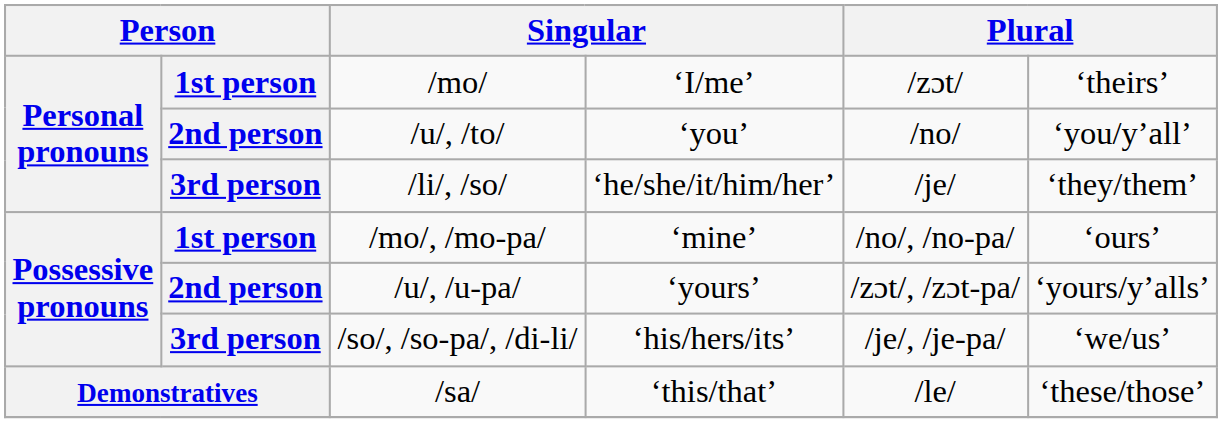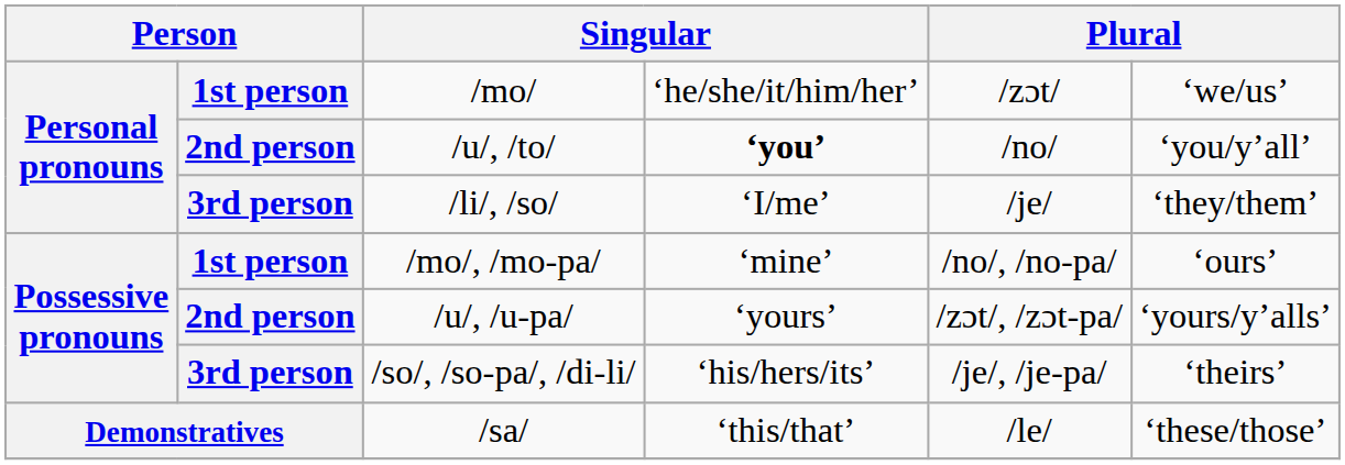 <table class="wikitable" style="text-align: center;">
 <tr>
 <th colspan="2"><a href='#'>Person</a></th>
 <th colspan="2"><a href='#'>Singular</a></th>
 <th colspan="2"><a href='#'>Plural</a></th>
 </tr>
 <tr>
 <th rowspan="3"><a href='#'>Personal <br>pronouns</a></th>
 <th><a href='#'>1st person</a></th>
 <td>/mo/</td>
-<td>‘I/me’</td>
+<td>‘he/she/it/him/her’</td>
 <td>/zɔt/</td>
-<td>‘theirs’</td>
+<td>‘we/us’</td>
 </tr>
 <tr>
 <th><a href='#'>2nd person</a></th>
 <td>/u/, /to/</td>
-<td>‘you’</td>
+<td><strong>‘you’</strong></td>
 <td>/no/</td>
 <td>‘you/y’all’</td>
 </tr>
 <tr>
 <th><a href='#'>3rd person</a></th>
 <td>/li/, /so/</td>
-<td>‘he/she/it/him/her’</td>
+<td>‘I/me’</td>
 <td>/je/</td>
 <td>‘they/them’</td>
 </tr>
 <tr>
 <th rowspan="3"><a href='#'>Possessive <br>pronouns</a></th>
 <th><a href='#'>1st person</a></th>
 <td>/mo/, /mo-pa/</td>
 <td>‘mine’</td>
 <td>/no/, /no-pa/</td>
 <td>‘ours’</td>
 </tr>
 <tr>
 <th><a href='#'>2nd person</a></th>
 <td>/u/, /u-pa/</td>
 <td>‘yours’</td>
 <td>/zɔt/, /zɔt-pa/</td>
 <td>‘yours/y’alls’</td>
 </tr>
 <tr>
 <th><a href='#'>3rd person</a></th>
 <td>/so/, /so-pa/, /di-li/</td>
 <td>‘his/hers/its’</td>
 <td>/je/, /je-pa/</td>
-<td>‘we/us’</td>
+<td>‘theirs’</td>
 </tr>
 <tr>
 <th colspan="2"><small><a href='#'>Demonstratives</a></small></th>
 <td>/sa/</td>
 <td>‘this/that’</td>
 <td>/le/</td>
 <td>‘these/those’</td>
 </tr>
 <tr>
 </tr>
 </table>
